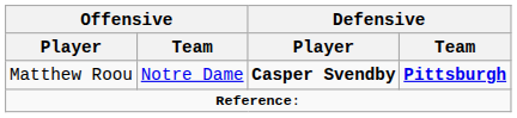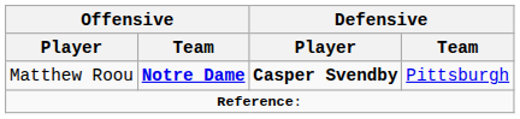 <table class="wikitable" style="text-align: center;">
 <tr>
 <th colspan="2">Offensive</th>
 <th colspan="2">Defensive</th>
 </tr>
 <tr>
 <th>Player</th>
 <th>Team</th>
 <th>Player</th>
 <th>Team</th>
 </tr>
 <tr>
 <td>Matthew Roou</td>
-<td><a href='#'>Notre Dame</a></td>
+<td><strong><a href='#'>Notre Dame</a></strong></td>
 <td><strong>Casper Svendby</strong></td>
-<td><strong><a href='#'>Pittsburgh</a></strong></td>
+<td><a href='#'>Pittsburgh</a></td>
 </tr>
 <tr>
 <td colspan="4"  style="font-size:8pt; text-align:center;"><strong>Reference</strong>:</td>
 </tr>
 </table>
